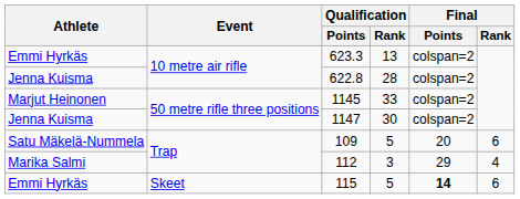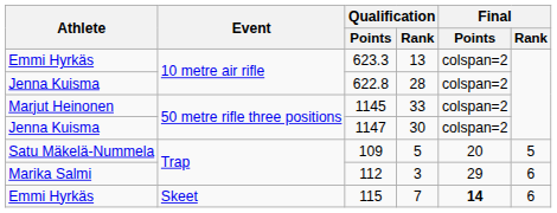 <table class=wikitable style=font-size:90%;text-align:center>
 <tr>
 <th rowspan=2>Athlete</th>
 <th rowspan=2>Event</th>
 <th colspan=2>Qualification</th>
 <th colspan=2>Final</th>
 </tr>
 <tr style=font-size:95%>
 <th>Points</th>
 <th>Rank</th>
 <th>Points</th>
 <th>Rank</th>
 </tr>
 <tr>
 <td align=left><a href='#'>Emmi Hyrkäs</a></td>
 <td align=left rowspan=2><a href='#'>10 metre air rifle</a></td>
 <td>623.3</td>
 <td>13</td>
 <td>colspan=2 </td>
 </tr>
 <tr>
 <td align=left><a href='#'>Jenna Kuisma</a></td>
 <td>622.8</td>
 <td>28</td>
 <td>colspan=2 </td>
 </tr>
 <tr>
 <td align=left><a href='#'>Marjut Heinonen</a></td>
 <td align=left rowspan=2><a href='#'>50 metre rifle three positions</a></td>
 <td>1145</td>
 <td>33</td>
 <td>colspan=2 </td>
 </tr>
 <tr>
 <td align=left><a href='#'>Jenna Kuisma</a></td>
 <td>1147</td>
 <td>30</td>
 <td>colspan=2 </td>
 </tr>
 <tr>
 <td align=left><a href='#'>Satu Mäkelä-Nummela</a></td>
 <td align=left rowspan=2><a href='#'>Trap</a></td>
 <td>109</td>
 <td>5 </td>
 <td>20</td>
-<td>6</td>
+<td>5</td>
 </tr>
 <tr>
 <td align=left><a href='#'>Marika Salmi</a></td>
 <td>112</td>
 <td>3 </td>
 <td>29</td>
-<td>4</td>
+<td>6</td>
 </tr>
 <tr>
 <td align=left><a href='#'>Emmi Hyrkäs</a></td>
 <td align=left><a href='#'>Skeet</a></td>
 <td>115</td>
-<td>5 </td>
+<td>7 </td>
 <td><strong>14</strong></td>
 <td>6</td>
 </tr>
 </table>
